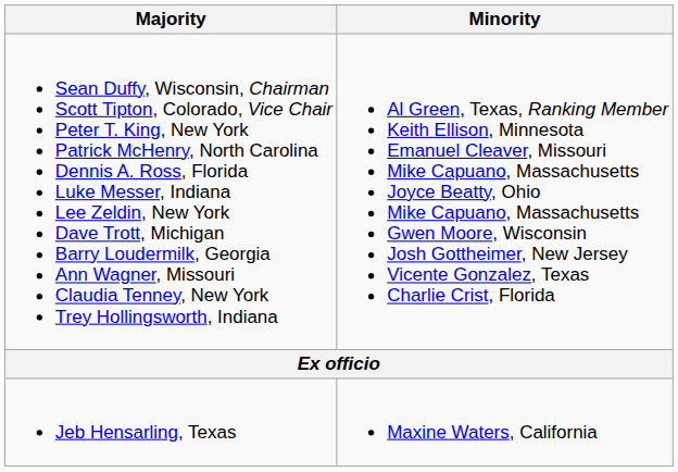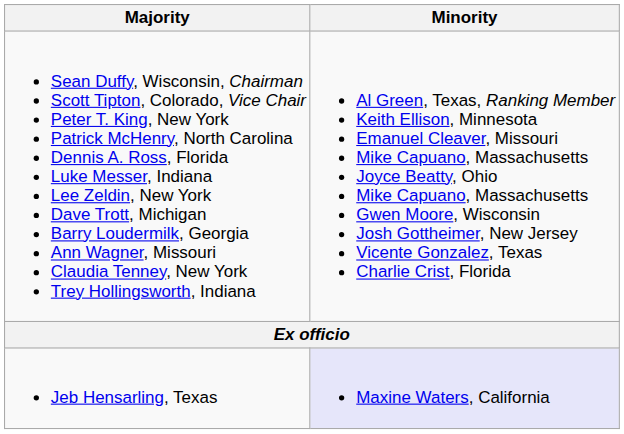 <table class=wikitable>
 <tr>
 <th>Majority</th>
 <th>Minority</th>
 </tr>
 <tr>
 <td><br><ul><li><a href='#'>Sean Duffy</a>, Wisconsin, <em>Chairman</em></li><li><a href='#'>Scott Tipton</a>, Colorado, <em>Vice Chair</em></li><li><a href='#'>Peter T. King</a>, New York</li><li><a href='#'>Patrick McHenry</a>, North Carolina</li><li><a href='#'>Dennis A. Ross</a>, Florida</li><li><a href='#'>Luke Messer</a>, Indiana</li><li><a href='#'>Lee Zeldin</a>, New York</li><li><a href='#'>Dave Trott</a>, Michigan</li><li><a href='#'>Barry Loudermilk</a>, Georgia</li><li><a href='#'>Ann Wagner</a>, Missouri</li><li><a href='#'>Claudia Tenney</a>, New York</li><li><a href='#'>Trey Hollingsworth</a>, Indiana</li></ul></td>
 <td><br><ul><li><a href='#'>Al Green</a>, Texas, <em>Ranking Member</em></li><li><a href='#'>Keith Ellison</a>, Minnesota</li><li><a href='#'>Emanuel Cleaver</a>, Missouri</li><li><a href='#'>Mike Capuano</a>, Massachusetts</li><li><a href='#'>Joyce Beatty</a>, Ohio</li><li><a href='#'>Mike Capuano</a>, Massachusetts</li><li><a href='#'>Gwen Moore</a>, Wisconsin</li><li><a href='#'>Josh Gottheimer</a>, New Jersey</li><li><a href='#'>Vicente Gonzalez</a>, Texas</li><li><a href='#'>Charlie Crist</a>, Florida</li></ul></td>
 </tr>
 <tr>
 <th colspan=2><em>Ex officio</em></th>
 </tr>
 <tr>
 <td><br><ul><li><a href='#'>Jeb Hensarling</a>, Texas</li></ul></td>
-<td><br><ul><li><a href='#'>Maxine Waters</a>, California</li></ul></td>
+<td style="background: lavender;"><br><ul><li><a href='#'>Maxine Waters</a>, California</li></ul></td>
 </tr>
 </table>
